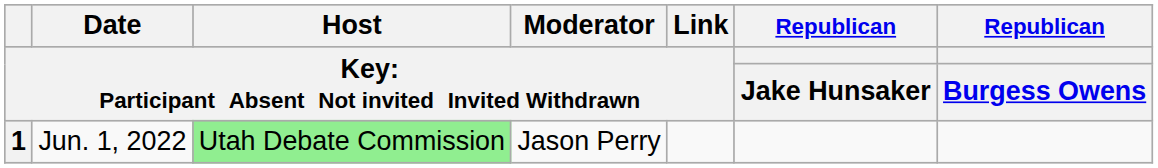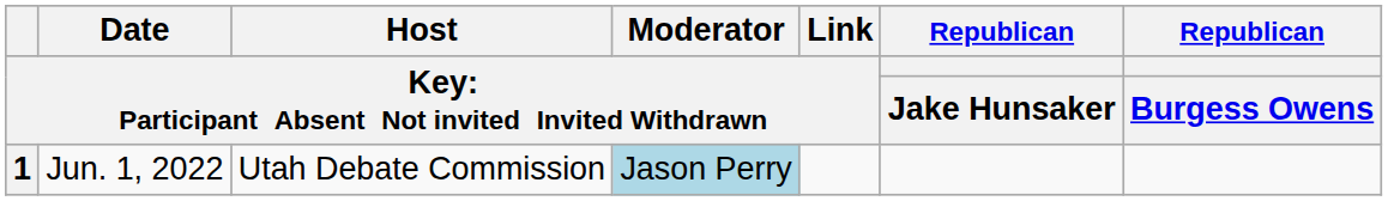 <table class="wikitable" style="text-align:center;">
 <tr>
 <th scope="col"></th>
 <th scope="col">Date</th>
 <th scope="col">Host</th>
 <th scope="col">Moderator</th>
 <th scope="col">Link</th>
 <th scope="col"><small><a href='#'>Republican</a></small></th>
 <th scope="col"><small><a href='#'>Republican</a></small></th>
 </tr>
 <tr>
 <th colspan="5" rowspan="2">Key:<br> <small>Participant </small>  <small>Absent </small>  <small>Not invited </small>  <small>Invited  Withdrawn</small></th>
 <th scope="col" style="background:"></th>
 <th scope="col" style="background:"></th>
 </tr>
 <tr>
 <th scope="col">Jake Hunsaker</th>
 <th scope="col"><a href='#'>Burgess Owens</a></th>
 </tr>
 <tr>
 <th>1</th>
 <td style="white-space:nowrap;">Jun. 1, 2022</td>
-<td style="background: lightgreen; white-space:nowrap;">Utah Debate Commission</td>
-<td style="white-space:nowrap;">Jason Perry</td>
+<td style="white-space:nowrap;">Utah Debate Commission</td>
+<td style="background: lightblue; white-space:nowrap;">Jason Perry</td>
 <td style="white-space:nowrap;"></td>
 <td></td>
 <td></td>
 </tr>
 </table>
